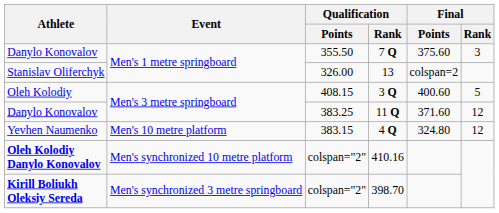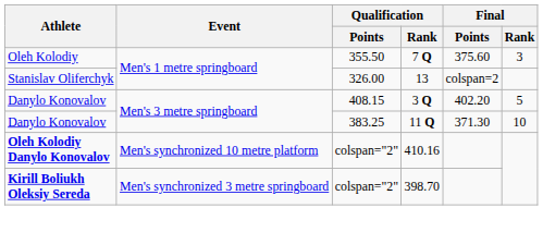 <table class="wikitable" style="text-align: center; font-size:90%">
 <tr>
 <th rowspan="2">Athlete</th>
 <th rowspan="2">Event</th>
 <th colspan="2">Qualification</th>
 <th colspan="2">Final</th>
 </tr>
 <tr>
 <th>Points</th>
 <th>Rank</th>
 <th>Points</th>
 <th>Rank</th>
 </tr>
 <tr>
-<td align="left"><a href='#'>Danylo Konovalov</a></td>
+<td align="left"><a href='#'>Oleh Kolodiy</a></td>
 <td align="left" rowspan="2"><a href='#'>Men's 1 metre springboard</a></td>
 <td>355.50</td>
 <td>7 <strong>Q</strong></td>
 <td>375.60</td>
 <td>3</td>
 </tr>
 <tr>
 <td align="left"><a href='#'>Stanislav Oliferchyk</a></td>
 <td>326.00</td>
 <td>13</td>
 <td>colspan=2 </td>
 </tr>
 <tr>
-<td align="left"><a href='#'>Oleh Kolodiy</a></td>
+<td align="left"><a href='#'>Danylo Konovalov</a></td>
 <td align="left" rowspan="2"><a href='#'>Men's 3 metre springboard</a></td>
 <td>408.15</td>
 <td>3 <strong>Q</strong></td>
-<td>400.60</td>
+<td>402.20</td>
 <td>5</td>
 </tr>
 <tr>
 <td align="left"><a href='#'>Danylo Konovalov</a></td>
 <td>383.25</td>
 <td>11 <strong>Q</strong></td>
-<td>371.60</td>
-<td>12</td>
-</tr>
-<tr>
-<td align="left"><a href='#'>Yevhen Naumenko</a></td>
-<td align="left"><a href='#'>Men's 10 metre platform</a></td>
-<td>383.15</td>
-<td>4 <strong>Q</strong></td>
-<td>324.80</td>
-<td>12</td>
+<td>371.30</td>
+<td>10</td>
 </tr>
 <tr>
 <td align="left"><strong><a href='#'>Oleh Kolodiy</a><br><a href='#'>Danylo Konovalov</a></strong></td>
 <td align="left"><a href='#'>Men's synchronized 10 metre platform</a></td>
 <td>colspan="2" </td>
 <td>410.16</td>
 <td></td>
 </tr>
 <tr>
 <td align="left"><strong><a href='#'>Kirill Boliukh</a><br><a href='#'>Oleksiy Sereda</a></strong></td>
 <td align="left"><a href='#'>Men's synchronized 3 metre springboard</a></td>
 <td>colspan="2" </td>
 <td>398.70</td>
 <td></td>
 </tr>
 </table>
